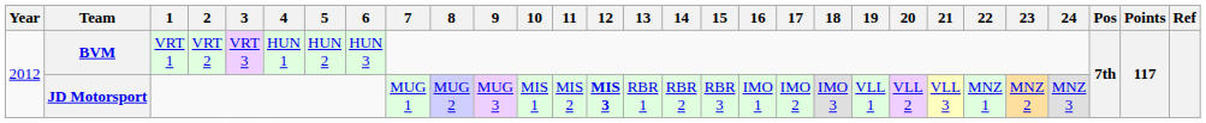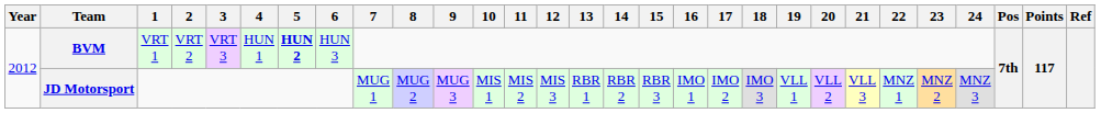 <table class="wikitable" style="text-align:center; font-size:85%">
 <tr>
 <th>Year</th>
 <th>Team</th>
 <th>1</th>
 <th>2</th>
 <th>3</th>
 <th>4</th>
 <th>5</th>
 <th>6</th>
 <th>7</th>
 <th>8</th>
 <th>9</th>
 <th>10</th>
 <th>11</th>
 <th>12</th>
 <th>13</th>
 <th>14</th>
 <th>15</th>
 <th>16</th>
 <th>17</th>
 <th>18</th>
 <th>19</th>
 <th>20</th>
 <th>21</th>
 <th>22</th>
 <th>23</th>
 <th>24</th>
 <th>Pos</th>
 <th>Points</th>
 <th>Ref</th>
 </tr>
 <tr>
 <td rowspan="2"><a href='#'>2012</a></td>
 <th nowrap><a href='#'>BVM</a></th>
 <td style="background:#DFFFDF;"><a href='#'>VRT<br>1</a><br></td>
 <td style="background:#DFFFDF;"><a href='#'>VRT<br>2</a><br></td>
 <td style="background:#EFCFFF;"><a href='#'>VRT<br>3</a><br></td>
 <td style="background:#DFFFDF;"><a href='#'>HUN<br>1</a><br></td>
-<td style="background:#DFFFDF;"><a href='#'>HUN<br>2</a><br></td>
+<td style="background:#DFFFDF;"><strong><a href='#'>HUN<br>2</a><br></strong></td>
 <td style="background:#DFFFDF;"><a href='#'>HUN<br>3</a><br></td>
 <td colspan=18></td>
 <th rowspan="2">7th</th>
 <th rowspan="2">117</th>
 <th rowspan="2"></th>
 </tr>
 <tr>
 <th nowrap><a href='#'>JD Motorsport</a></th>
 <td colspan=6></td>
 <td style="background:#DFFFDF;"><a href='#'>MUG<br>1</a><br></td>
 <td style="background:#CFCFFF;"><a href='#'>MUG<br>2</a><br></td>
 <td style="background:#EFCFFF;"><a href='#'>MUG<br>3</a><br></td>
 <td style="background:#DFFFDF;"><a href='#'>MIS<br>1</a><br></td>
 <td style="background:#DFFFDF;"><a href='#'>MIS<br>2</a><br></td>
-<td style="background:#DFFFDF;"><strong><a href='#'>MIS<br>3</a><br></strong></td>
+<td style="background:#DFFFDF;"><a href='#'>MIS<br>3</a><br></td>
 <td style="background:#DFFFDF;"><a href='#'>RBR<br>1</a><br></td>
 <td style="background:#DFFFDF;"><a href='#'>RBR<br>2</a><br></td>
 <td style="background:#DFFFDF;"><a href='#'>RBR<br>3</a><br></td>
 <td style="background:#DFFFDF;"><a href='#'>IMO<br>1</a><br></td>
 <td style="background:#DFFFDF;"><a href='#'>IMO<br>2</a><br></td>
 <td style="background:#DFDFDF;"><a href='#'>IMO<br>3</a><br></td>
 <td style="background:#DFFFDF;"><a href='#'>VLL<br>1</a><br></td>
 <td style="background:#EFCFFF;"><a href='#'>VLL<br>2</a><br></td>
 <td style="background:#FFFFBF;"><a href='#'>VLL<br>3</a><br></td>
 <td style="background:#DFFFDF;"><a href='#'>MNZ<br>1</a><br></td>
 <td style="background:#FFDF9F;"><a href='#'>MNZ<br>2</a><br></td>
 <td style="background:#DFDFDF;"><a href='#'>MNZ<br>3</a><br></td>
 </tr>
 </table>
